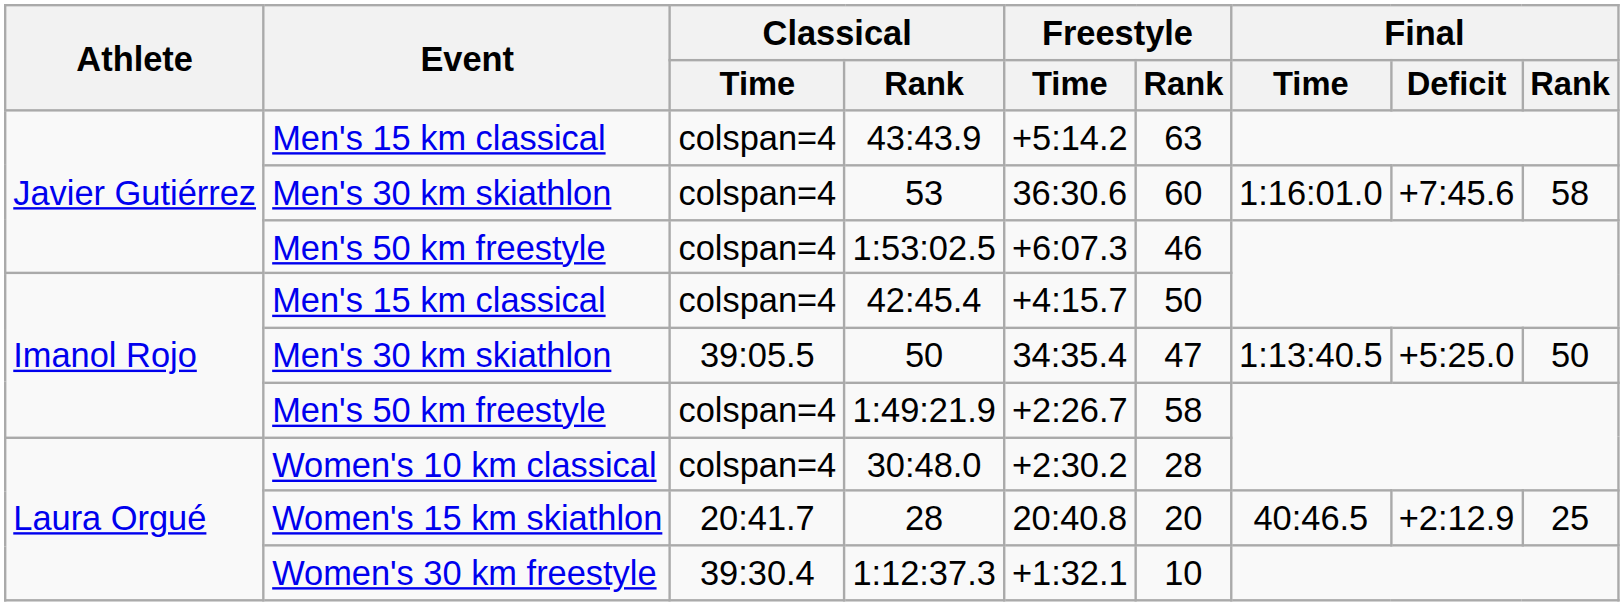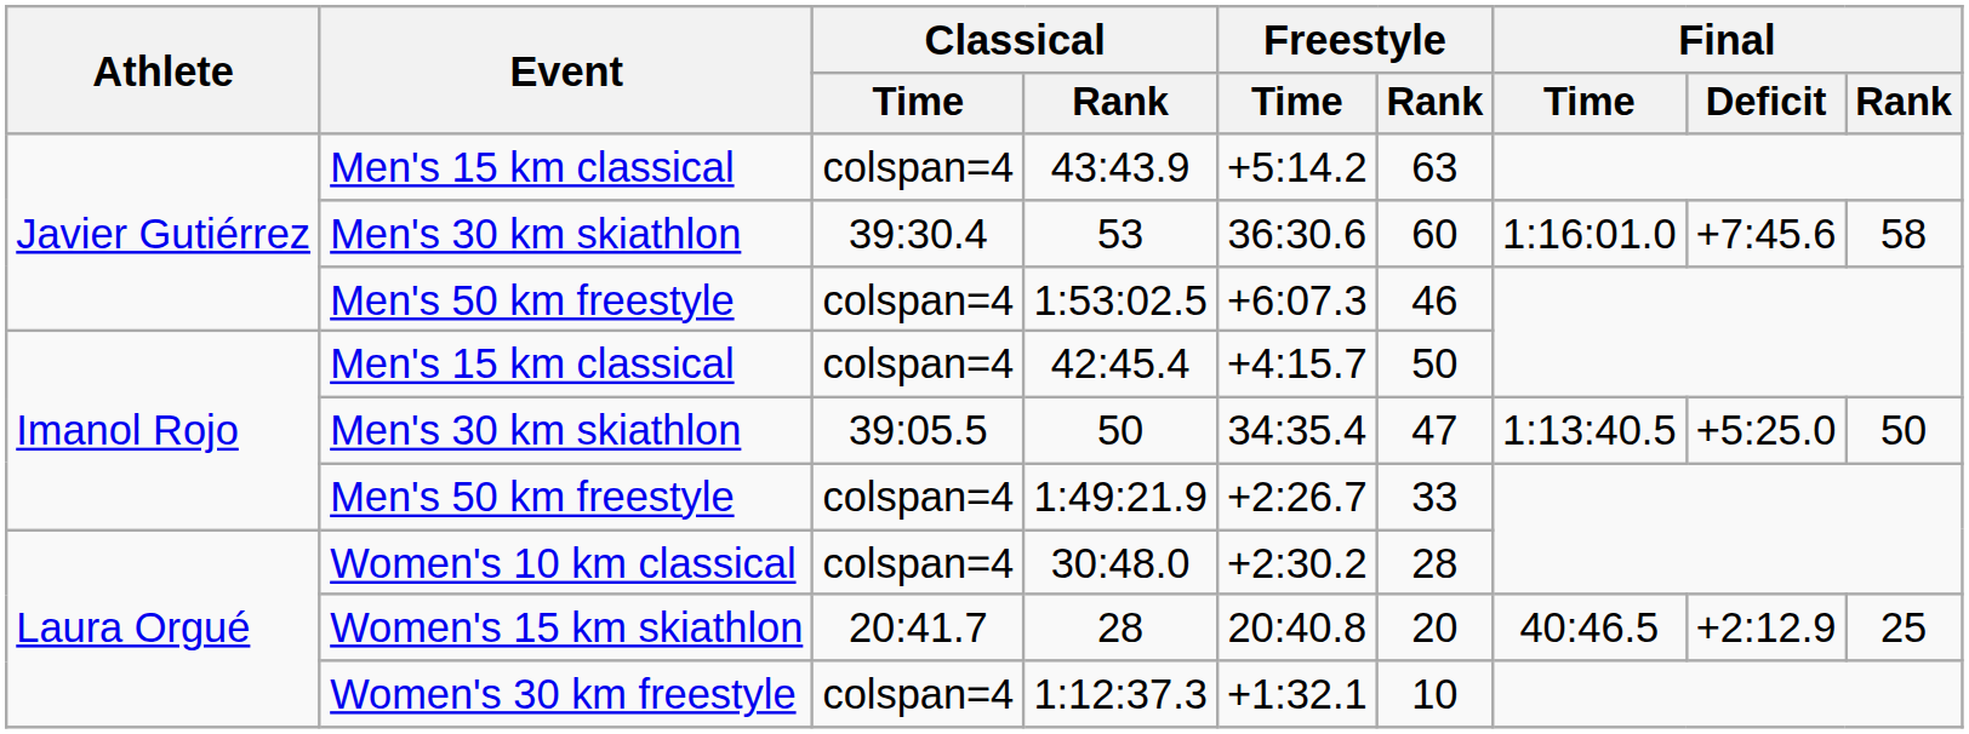 <table class="wikitable" style="font-size:90%">
 <tr>
 <th rowspan=2>Athlete</th>
 <th rowspan=2>Event</th>
 <th colspan=2>Classical</th>
 <th colspan=2>Freestyle</th>
 <th colspan=3>Final</th>
 </tr>
 <tr style="font-size: 95%">
 <th>Time</th>
 <th>Rank</th>
 <th>Time</th>
 <th>Rank</th>
 <th>Time</th>
 <th>Deficit</th>
 <th>Rank</th>
 </tr>
 <tr align=center>
 <td align=left rowspan=3><a href='#'>Javier Gutiérrez</a></td>
 <td align=left><a href='#'>Men's 15 km classical</a></td>
 <td>colspan=4 </td>
 <td>43:43.9</td>
 <td>+5:14.2</td>
 <td>63</td>
 </tr>
 <tr align=center>
 <td align=left><a href='#'>Men's 30 km skiathlon</a></td>
-<td>colspan=4 </td>
+<td>39:30.4</td>
 <td>53</td>
 <td>36:30.6</td>
 <td>60</td>
 <td>1:16:01.0</td>
 <td>+7:45.6</td>
 <td>58</td>
 </tr>
 <tr align=center>
 <td align=left><a href='#'>Men's 50 km freestyle</a></td>
 <td>colspan=4 </td>
 <td>1:53:02.5</td>
 <td>+6:07.3</td>
 <td>46</td>
 </tr>
 <tr align=center>
 <td align=left rowspan=3><a href='#'>Imanol Rojo</a></td>
 <td align=left><a href='#'>Men's 15 km classical</a></td>
 <td>colspan=4 </td>
 <td>42:45.4</td>
 <td>+4:15.7</td>
 <td>50</td>
 </tr>
 <tr align=center>
 <td align=left><a href='#'>Men's 30 km skiathlon</a></td>
 <td>39:05.5</td>
 <td>50</td>
 <td>34:35.4</td>
 <td>47</td>
 <td>1:13:40.5</td>
 <td>+5:25.0</td>
 <td>50</td>
 </tr>
 <tr align=center>
 <td align=left><a href='#'>Men's 50 km freestyle</a></td>
 <td>colspan=4 </td>
 <td>1:49:21.9</td>
 <td>+2:26.7</td>
-<td>58</td>
+<td>33</td>
 </tr>
 <tr align=center>
 <td align=left rowspan=3><a href='#'>Laura Orgué</a></td>
 <td align=left><a href='#'>Women's 10 km classical</a></td>
 <td>colspan=4 </td>
 <td>30:48.0</td>
 <td>+2:30.2</td>
 <td>28</td>
 </tr>
 <tr align=center>
 <td align=left><a href='#'>Women's 15 km skiathlon</a></td>
 <td>20:41.7</td>
 <td>28</td>
 <td>20:40.8</td>
 <td>20</td>
 <td>40:46.5</td>
 <td>+2:12.9</td>
 <td>25</td>
 </tr>
 <tr align=center>
 <td align=left><a href='#'>Women's 30 km freestyle</a></td>
-<td>39:30.4</td>
+<td>colspan=4 </td>
 <td>1:12:37.3</td>
 <td>+1:32.1</td>
 <td>10</td>
 </tr>
 </table>
